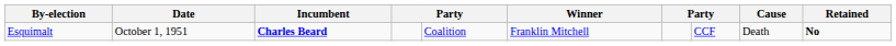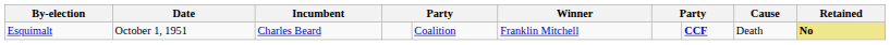 <table class=wikitable style="width:100%">
 <tr>
 <th>By-election</th>
 <th>Date</th>
 <th>Incumbent</th>
 <th colspan=2>Party</th>
 <th>Winner</th>
 <th colspan=2>Party</th>
 <th>Cause</th>
 <th>Retained</th>
 </tr>
 <tr>
 <td><a href='#'>Esquimalt</a></td>
 <td>October 1, 1951</td>
-<td><strong><a href='#'>Charles Beard</a></strong></td>
+<td><a href='#'>Charles Beard</a></td>
 <td>    </td>
 <td><a href='#'>Coalition</a></td>
 <td><a href='#'>Franklin Mitchell</a></td>
 <td>    </td>
-<td><a href='#'>CCF</a></td>
+<td><strong><a href='#'>CCF</a></strong></td>
 <td>Death</td>
-<td><strong>No</strong></td>
+<td style="background: khaki;"><strong>No</strong></td>
 </tr>
 </table>
